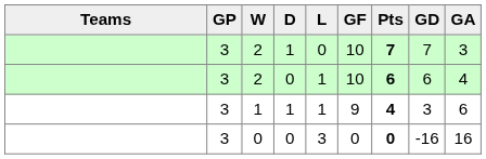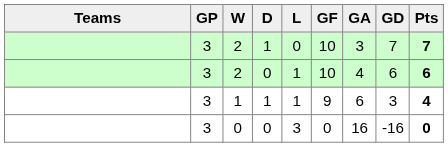 <table style=border-collapse:collapse border=1 cellspacing=0 cellpadding=5>
 <tr align=center bgcolor=#efefef>
 <th width=185>Teams</th>
 <th width=20>GP</th>
 <th width=20>W</th>
 <th width=20>D</th>
 <th width=20>L</th>
 <th width=20>GF</th>
+<th width=20>GA</th>
+<th width=20>GD</th>
 <th width=20>Pts</th>
-<th width=20>GD</th>
-<th width=20>GA</th>
 </tr>
 <tr align=center style="background:#ccffcc;">
 <td style="text-align:left;"></td>
 <td>3</td>
 <td>2</td>
 <td>1</td>
 <td>0</td>
 <td>10</td>
+<td>3</td>
+<td>7</td>
 <td><strong>7</strong></td>
-<td>7</td>
-<td>3</td>
 </tr>
 <tr align=center style="background:#ccffcc;">
 <td style="text-align:left;"></td>
 <td>3</td>
 <td>2</td>
 <td>0</td>
 <td>1</td>
 <td>10</td>
+<td>4</td>
+<td>6</td>
 <td><strong>6</strong></td>
-<td>6</td>
-<td>4</td>
 </tr>
 <tr align=center>
 <td style="text-align:left;"></td>
 <td>3</td>
 <td>1</td>
 <td>1</td>
 <td>1</td>
 <td>9</td>
+<td>6</td>
+<td>3</td>
 <td><strong>4</strong></td>
-<td>3</td>
-<td>6</td>
 </tr>
 <tr align=center>
 <td style="text-align:left;"></td>
 <td>3</td>
 <td>0</td>
 <td>0</td>
 <td>3</td>
 <td>0</td>
+<td>16</td>
+<td>-16</td>
 <td><strong>0</strong></td>
-<td>-16</td>
-<td>16</td>
 </tr>
 </table>
